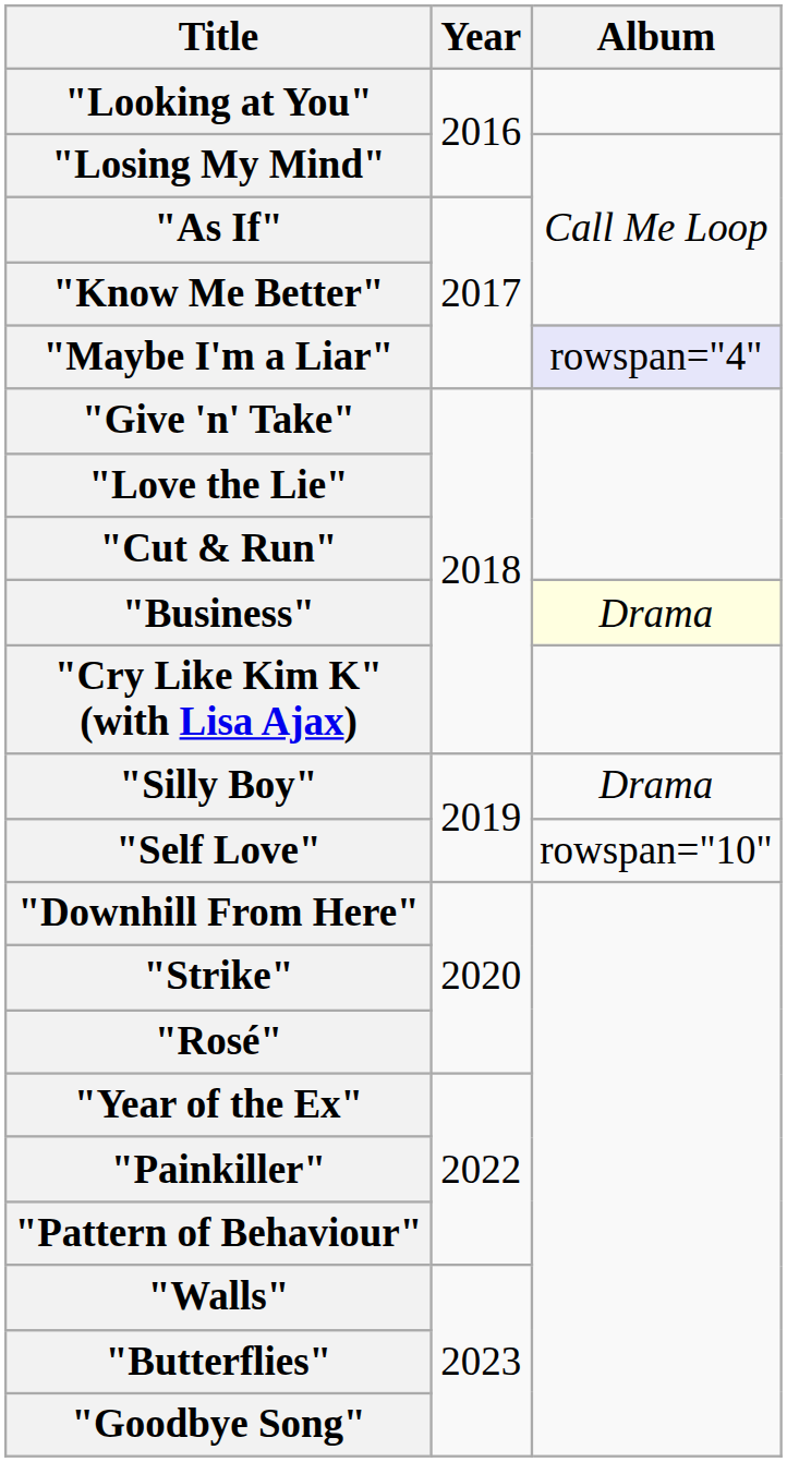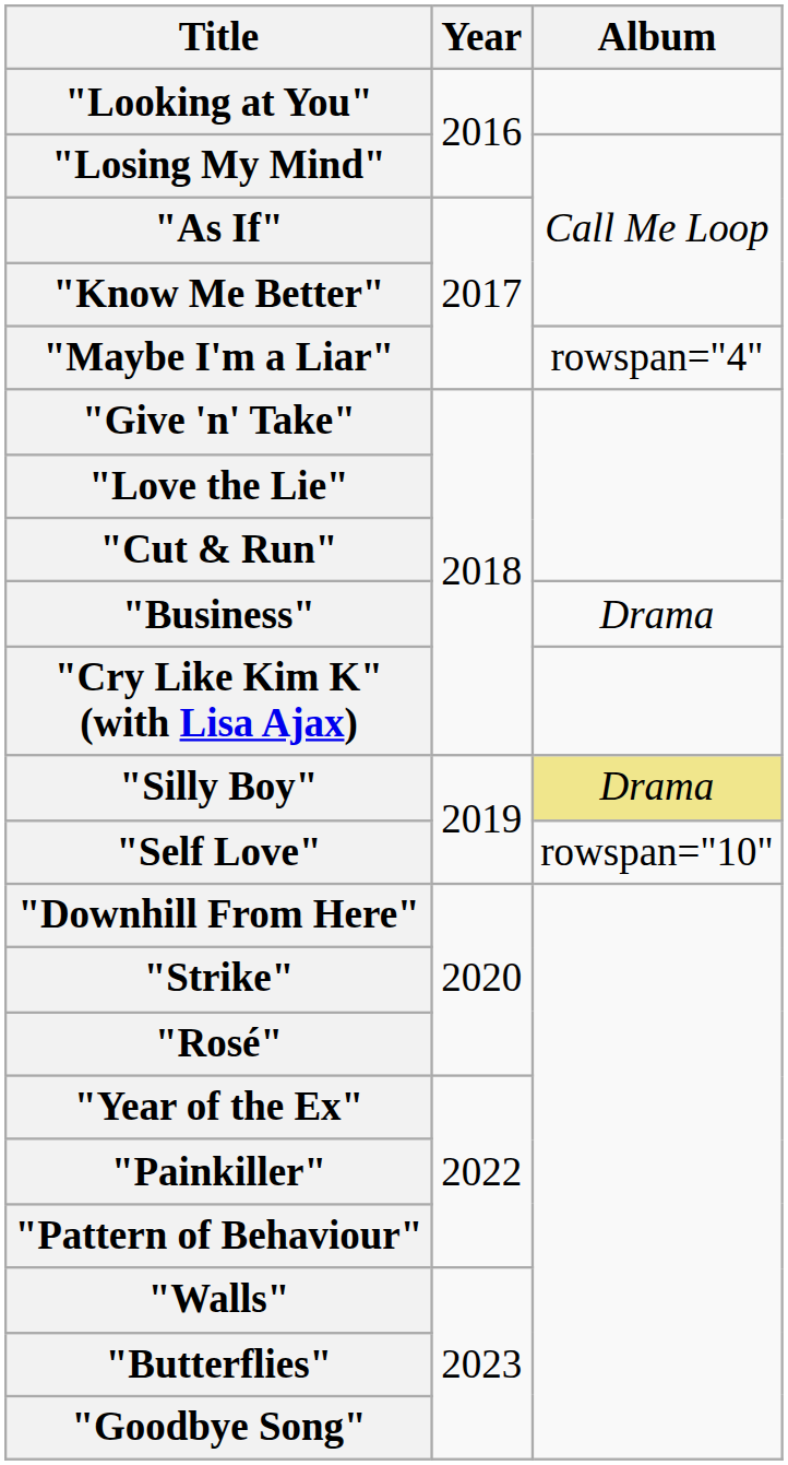 <table class="wikitable plainrowheaders" style="text-align:center;">
 <tr>
 <th scope="col">Title</th>
 <th scope="col">Year</th>
 <th scope="col">Album</th>
 </tr>
 <tr>
 <th scope="row">"Looking at You"</th>
 <td rowspan="2">2016</td>
 <td></td>
 </tr>
 <tr>
 <th scope="row">"Losing My Mind"</th>
 <td rowspan="3"><em>Call Me Loop</em></td>
 </tr>
 <tr>
 <th scope="row">"As If"</th>
 <td rowspan="3">2017</td>
 </tr>
 <tr>
 <th scope="row">"Know Me Better"</th>
 </tr>
 <tr>
 <th scope="row">"Maybe I'm a Liar"</th>
-<td style="background: lavender;">rowspan="4" </td>
+<td>rowspan="4" </td>
 </tr>
 <tr>
 <th scope="row">"Give 'n' Take"</th>
 <td rowspan="5">2018</td>
 </tr>
 <tr>
 <th scope="row">"Love the Lie"</th>
 </tr>
 <tr>
 <th scope="row">"Cut & Run"</th>
 </tr>
 <tr>
 <th scope="row">"Business"</th>
-<td style="background: lightyellow;"><em>Drama</em></td>
+<td><em>Drama</em></td>
 </tr>
 <tr>
 <th scope="row">"Cry Like Kim K" <br><span>(with <a href='#'>Lisa Ajax</a>)</span></th>
 <td></td>
 </tr>
 <tr>
 <th scope="row">"Silly Boy"</th>
 <td rowspan="2">2019</td>
-<td><em>Drama</em></td>
+<td style="background: khaki;"><em>Drama</em></td>
 </tr>
 <tr>
 <th scope="row">"Self Love"</th>
 <td>rowspan="10" </td>
 </tr>
 <tr>
 <th scope="row">"Downhill From Here"</th>
 <td rowspan="3">2020</td>
 </tr>
 <tr>
 <th scope="row">"Strike"</th>
 </tr>
 <tr>
 <th scope="row">"Rosé"</th>
 </tr>
 <tr>
 <th scope="row">"Year of the Ex"</th>
 <td rowspan="3">2022</td>
 </tr>
 <tr>
 <th scope="row">"Painkiller"</th>
 </tr>
 <tr>
 <th scope="row">"Pattern of Behaviour"</th>
 </tr>
 <tr>
 <th scope="row">"Walls"</th>
 <td rowspan="3">2023</td>
 </tr>
 <tr>
 <th scope="row">"Butterflies"</th>
 </tr>
 <tr>
 <th scope="row">"Goodbye Song"</th>
 </tr>
 </table>
